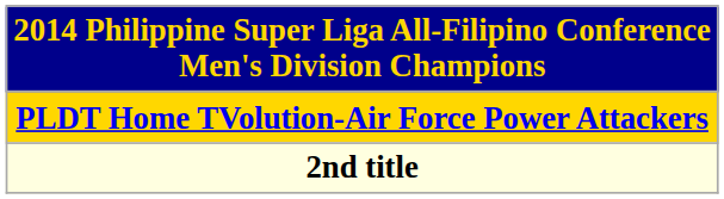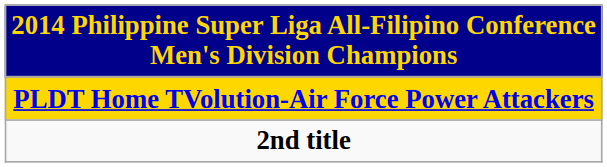 <table class=wikitable style="text-align:center; margin:auto;">
 <tr>
 <th style="background:#00008B; color:#FFD700;">2014 Philippine Super Liga All-Filipino Conference<br>Men's Division Champions</th>
 </tr>
 <tr>
 <td style="background:gold;"><strong><a href='#'>PLDT Home TVolution-Air Force Power Attackers</a></strong></td>
 </tr>
 <tr>
-<td style="background: lightyellow;"><strong>2nd title</strong></td>
+<td><strong>2nd title</strong></td>
 </tr>
 </table>
